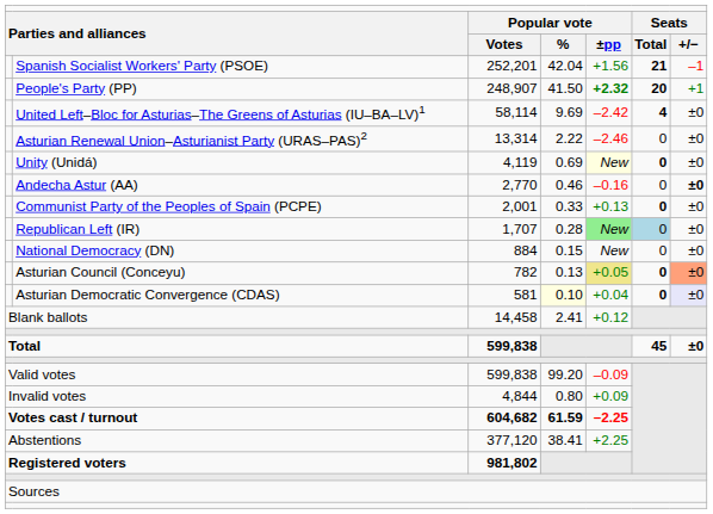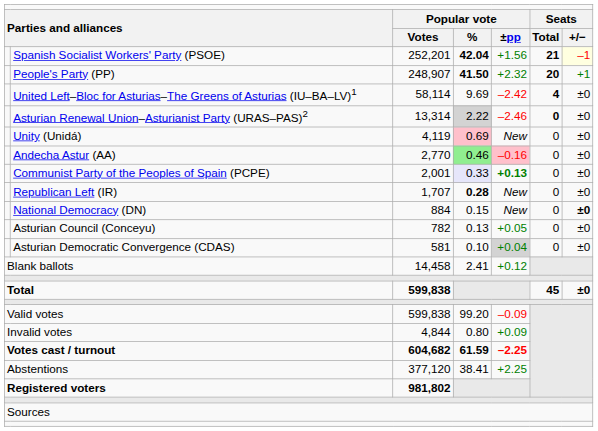 <table class="wikitable" style="text-align:right;">
 <tr>
 <td colspan="7"></td>
 </tr>
 <tr>
 <th style="text-align:left;" rowspan="2" colspan="2" width="525">Parties and alliances</th>
 <th colspan="3">Popular vote</th>
 <th colspan="2">Seats</th>
 </tr>
 <tr>
 <th width="75">Votes</th>
 <th width="45">%</th>
 <th width="45">±<a href='#'>pp</a></th>
 <th width="35">Total</th>
 <th width="35">+/−</th>
 </tr>
 <tr>
 <td width="1" style="color:inherit;background:"></td>
 <td align="left"><a href='#'>Spanish Socialist Workers' Party</a> (PSOE)</td>
 <td>252,201</td>
-<td>42.04</td>
+<td><strong>42.04</strong></td>
 <td style="color:green;">+1.56</td>
 <td><strong>21</strong></td>
-<td style="color:red;">–1</td>
+<td style="background: lightyellow; color:red;">–1</td>
 </tr>
 <tr>
 <td style="color:inherit;background:"></td>
 <td align="left"><a href='#'>People's Party</a> (PP)</td>
 <td>248,907</td>
-<td>41.50</td>
-<td style="color:green;"><strong>+2.32</strong></td>
+<td><strong>41.50</strong></td>
+<td style="color:green;">+2.32</td>
 <td><strong>20</strong></td>
 <td style="color:green;">+1</td>
 </tr>
 <tr>
 <td style="color:inherit;background:"></td>
 <td align="left"><a href='#'>United Left</a>–<a href='#'>Bloc for Asturias</a>–<a href='#'>The Greens of Asturias</a> (IU–BA–LV)<sup>1</sup></td>
 <td>58,114</td>
 <td>9.69</td>
 <td style="color:red;">–2.42</td>
 <td><strong>4</strong></td>
 <td>±0</td>
 </tr>
 <tr>
 <td style="color:inherit;background:"></td>
 <td align="left"><a href='#'>Asturian Renewal Union</a>–<a href='#'>Asturianist Party</a> (URAS–PAS)<sup>2</sup></td>
 <td>13,314</td>
-<td>2.22</td>
+<td style="background: lightgrey;">2.22</td>
 <td style="color:red;">–2.46</td>
-<td>0</td>
+<td><strong>0</strong></td>
 <td>±0</td>
 </tr>
 <tr>
 <td style="color:inherit;background:"></td>
 <td align="left"><a href='#'>Unity</a> (Unidá)</td>
 <td>4,119</td>
-<td>0.69</td>
-<td style="background: lightyellow;"><em>New</em></td>
-<td><strong>0</strong></td>
+<td style="background: pink;">0.69</td>
+<td><em>New</em></td>
+<td>0</td>
 <td>±0</td>
 </tr>
 <tr>
 <td style="color:inherit;background:"></td>
 <td align="left"><a href='#'>Andecha Astur</a> (AA)</td>
 <td>2,770</td>
-<td>0.46</td>
-<td style="color:red;">–0.16</td>
+<td style="background: lightgreen;">0.46</td>
+<td style="background: pink; color:red;">–0.16</td>
 <td>0</td>
-<td><strong>±0</strong></td>
+<td>±0</td>
 </tr>
 <tr>
 <td style="color:inherit;background:"></td>
 <td align="left"><a href='#'>Communist Party of the Peoples of Spain</a> (PCPE)</td>
 <td>2,001</td>
-<td>0.33</td>
-<td style="color:green;">+0.13</td>
-<td><strong>0</strong></td>
+<td style="background: lavender;">0.33</td>
+<td style="color:green;"><strong>+0.13</strong></td>
+<td>0</td>
 <td>±0</td>
 </tr>
 <tr>
 <td style="color:inherit;background:"></td>
 <td align="left"><a href='#'>Republican Left</a> (IR)</td>
 <td>1,707</td>
-<td>0.28</td>
-<td style="background: lightgreen;"><em>New</em></td>
-<td style="background: lightblue;">0</td>
+<td><strong>0.28</strong></td>
+<td><em>New</em></td>
+<td>0</td>
 <td>±0</td>
 </tr>
 <tr>
 <td style="color:inherit;background:"></td>
 <td align="left"><a href='#'>National Democracy</a> (DN)</td>
 <td>884</td>
 <td>0.15</td>
 <td><em>New</em></td>
 <td>0</td>
-<td>±0</td>
+<td><strong>±0</strong></td>
 </tr>
 <tr>
 <td style="color:inherit;background:"></td>
 <td align="left">Asturian Council (Conceyu)</td>
 <td>782</td>
 <td>0.13</td>
-<td style="background: khaki; color:green;">+0.05</td>
-<td><strong>0</strong></td>
-<td style="background: lightsalmon;">±0</td>
+<td style="color:green;">+0.05</td>
+<td>0</td>
+<td>±0</td>
 </tr>
 <tr>
 <td style="color:inherit;background:"></td>
 <td align="left">Asturian Democratic Convergence (CDAS)</td>
 <td>581</td>
-<td style="background: lightyellow;">0.10</td>
-<td style="color:green;">+0.04</td>
-<td><strong>0</strong></td>
-<td style="background: lavender;">±0</td>
+<td>0.10</td>
+<td style="background: lightgrey; color:green;">+0.04</td>
+<td>0</td>
+<td>±0</td>
 </tr>
 <tr>
 <td align="left" colspan="2">Blank ballots</td>
 <td>14,458</td>
 <td>2.41</td>
 <td style="color:green;">+0.12</td>
 <td bgcolor="#E9E9E9" colspan="2"></td>
 </tr>
 <tr>
 <td colspan="7" bgcolor="#E9E9E9"></td>
 </tr>
 <tr style="font-weight:bold;">
 <td align="left" colspan="2">Total</td>
 <td>599,838</td>
 <td bgcolor="#E9E9E9" colspan="2"></td>
 <td>45</td>
 <td>±0</td>
 </tr>
 <tr>
 <td colspan="7" bgcolor="#E9E9E9"></td>
 </tr>
 <tr>
 <td align="left" colspan="2">Valid votes</td>
 <td>599,838</td>
 <td>99.20</td>
 <td style="color:red;">–0.09</td>
 <td bgcolor="#E9E9E9" colspan="2" rowspan="5"></td>
 </tr>
 <tr>
 <td align="left" colspan="2">Invalid votes</td>
 <td>4,844</td>
 <td>0.80</td>
 <td style="color:green;">+0.09</td>
 </tr>
 <tr style="font-weight:bold;">
 <td align="left" colspan="2">Votes cast / turnout</td>
 <td>604,682</td>
 <td>61.59</td>
 <td style="color:red;">–2.25</td>
 </tr>
 <tr>
 <td align="left" colspan="2">Abstentions</td>
 <td>377,120</td>
 <td>38.41</td>
 <td style="color:green;">+2.25</td>
 </tr>
 <tr style="font-weight:bold;">
 <td align="left" colspan="2">Registered voters</td>
 <td>981,802</td>
 <td bgcolor="#E9E9E9" colspan="2"></td>
 </tr>
 <tr>
 <td colspan="7" bgcolor="#E9E9E9"></td>
 </tr>
 <tr>
 <td align="left" colspan="7">Sources</td>
 </tr>
 <tr>
 <td colspan="7" style="text-align:left; max-width:790px;"></td>
 </tr>
 </table>
